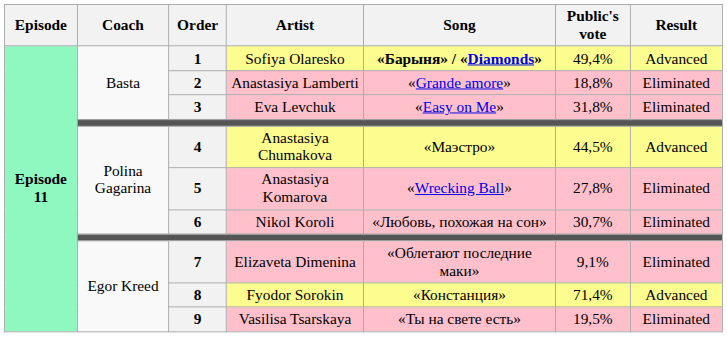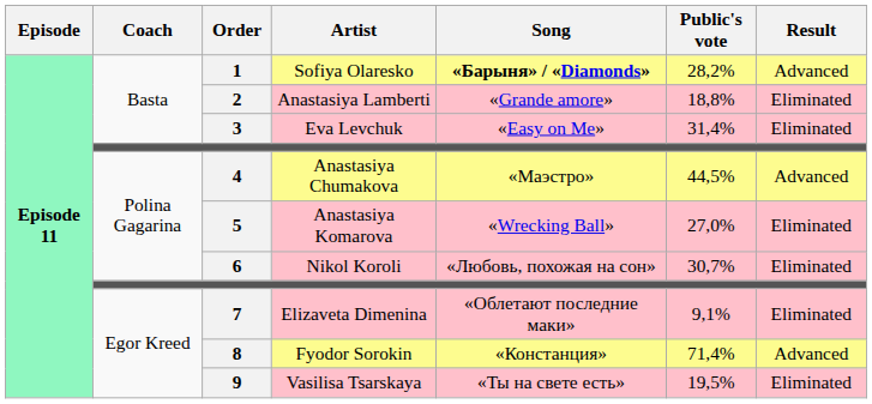 <table class="wikitable" style="text-align:center; width:120%;">
 <tr>
 <th style="width:07%;">Episode</th>
 <th style="width:10%;">Coach</th>
 <th style="width:05%;">Order</th>
 <th style="width:15%;">Artist</th>
 <th style="width:21%;">Song</th>
 <th style="width:08%;">Public's vote</th>
 <th style="width:09%;">Result</th>
 </tr>
 <tr>
 <th rowspan=13 style="background:#8ff7c0;">Episode 11 <br> </th>
 <td rowspan=3>Basta</td>
 <th>1</th>
 <td style="background:#fdfc8f;">Sofiya Olaresko</td>
 <td style="background:#fdfc8f;"><strong>«Барыня» / «<a href='#'>Diamonds</a>»</strong></td>
-<td style="background:#fdfc8f;">49,4%</td>
+<td style="background:#fdfc8f;">28,2%</td>
 <td style="background:#fdfc8f;">Advanced</td>
 </tr>
 <tr>
 <th>2</th>
 <td style="background:pink;">Anastasiya Lamberti</td>
 <td style="background:pink;">«<a href='#'>Grande amore</a>»</td>
 <td style="background:pink;">18,8%</td>
 <td style="background:pink;">Eliminated</td>
 </tr>
 <tr>
 <th>3</th>
 <td style="background:pink;">Eva Levchuk</td>
 <td style="background:pink;">«<a href='#'>Easy on Me</a>»</td>
-<td style="background:pink;">31,8%</td>
+<td style="background:pink;">31,4%</td>
 <td style="background:pink;">Eliminated</td>
 </tr>
 <tr>
 <td colspan=6 style="background:#555555;"></td>
 </tr>
 <tr>
 <td rowspan=3>Polina Gagarina</td>
 <th>4</th>
 <td style="background:#fdfc8f;">Anastasiya Chumakova</td>
 <td style="background:#fdfc8f;">«Маэстро»</td>
 <td style="background:#fdfc8f;">44,5%</td>
 <td style="background:#fdfc8f;">Advanced</td>
 </tr>
 <tr>
 <th>5</th>
 <td style="background:pink;">Anastasiya Komarova</td>
 <td style="background:pink;">«<a href='#'>Wrecking Ball</a>»</td>
-<td style="background:pink;">27,8%</td>
+<td style="background:pink;">27,0%</td>
 <td style="background:pink;">Eliminated</td>
 </tr>
 <tr>
 <th>6</th>
 <td style="background:pink;">Nikol Koroli</td>
 <td style="background:pink;">«Любовь, похожая на сон»</td>
 <td style="background:pink;">30,7%</td>
 <td style="background:pink;">Eliminated</td>
 </tr>
 <tr>
 <td colspan=6 style="background:#555555;"></td>
 </tr>
 <tr>
 <td rowspan=3>Egor Kreed</td>
 <th>7</th>
 <td style="background:pink;">Elizaveta Dimenina</td>
 <td style="background:pink;">«Облетают последние маки»</td>
 <td style="background:pink;">9,1%</td>
 <td style="background:pink;">Eliminated</td>
 </tr>
 <tr>
 <th>8</th>
 <td style="background:#fdfc8f;">Fyodor Sorokin</td>
 <td style="background:#fdfc8f;">«Констанция»</td>
 <td style="background:#fdfc8f;">71,4%</td>
 <td style="background:#fdfc8f;">Advanced</td>
 </tr>
 <tr>
 <th>9</th>
 <td style="background:pink;">Vasilisa Tsarskaya</td>
 <td style="background:pink;">«Ты на свете есть»</td>
 <td style="background:pink;">19,5%</td>
 <td style="background:pink;">Eliminated</td>
 </tr>
 </table>
